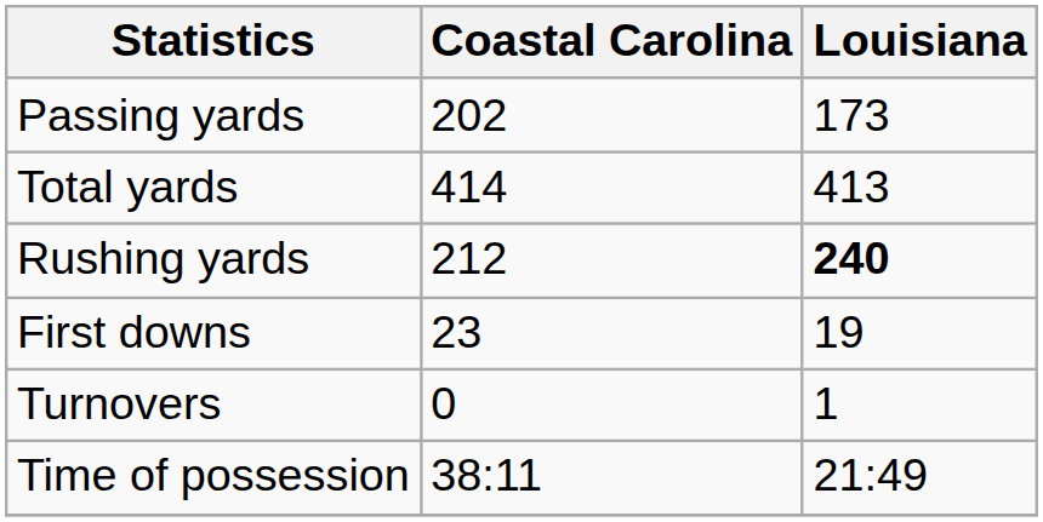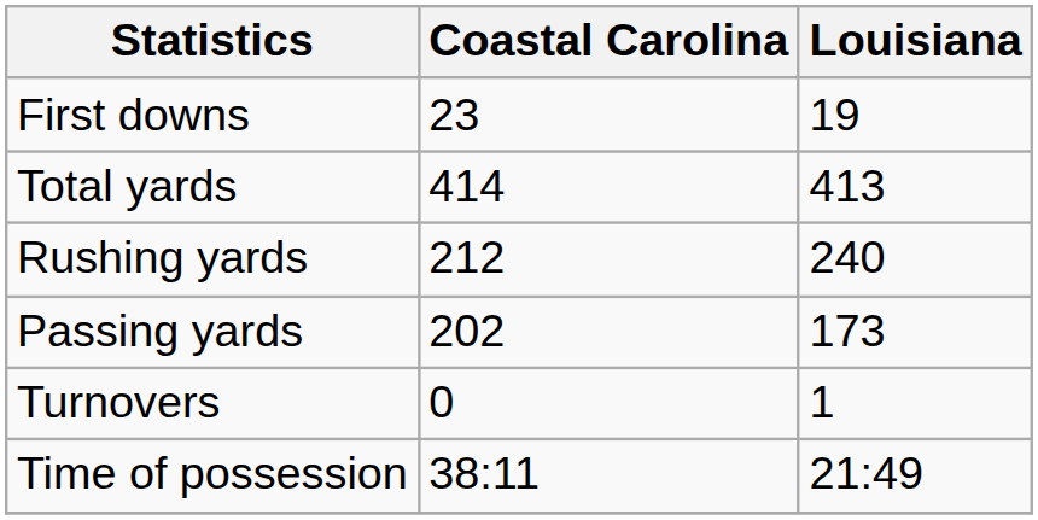 <table class="wikitable">
 <tr>
 <th>Statistics</th>
 <th>Coastal Carolina</th>
 <th>Louisiana</th>
 </tr>
 <tr>
-<td>Passing yards</td>
-<td>202</td>
-<td>173</td>
+<td>First downs</td>
+<td>23</td>
+<td>19</td>
 </tr>
 <tr>
 <td>Total yards</td>
 <td>414</td>
 <td>413</td>
 </tr>
 <tr>
 <td>Rushing yards</td>
 <td>212</td>
-<td><strong>240</strong></td>
+<td>240</td>
 </tr>
 <tr>
-<td>First downs</td>
-<td>23</td>
-<td>19</td>
+<td>Passing yards</td>
+<td>202</td>
+<td>173</td>
 </tr>
 <tr>
 <td>Turnovers</td>
 <td>0</td>
 <td>1</td>
 </tr>
 <tr>
 <td>Time of possession</td>
 <td>38:11</td>
 <td>21:49</td>
 </tr>
 <tr>
 </tr>
 </table>
